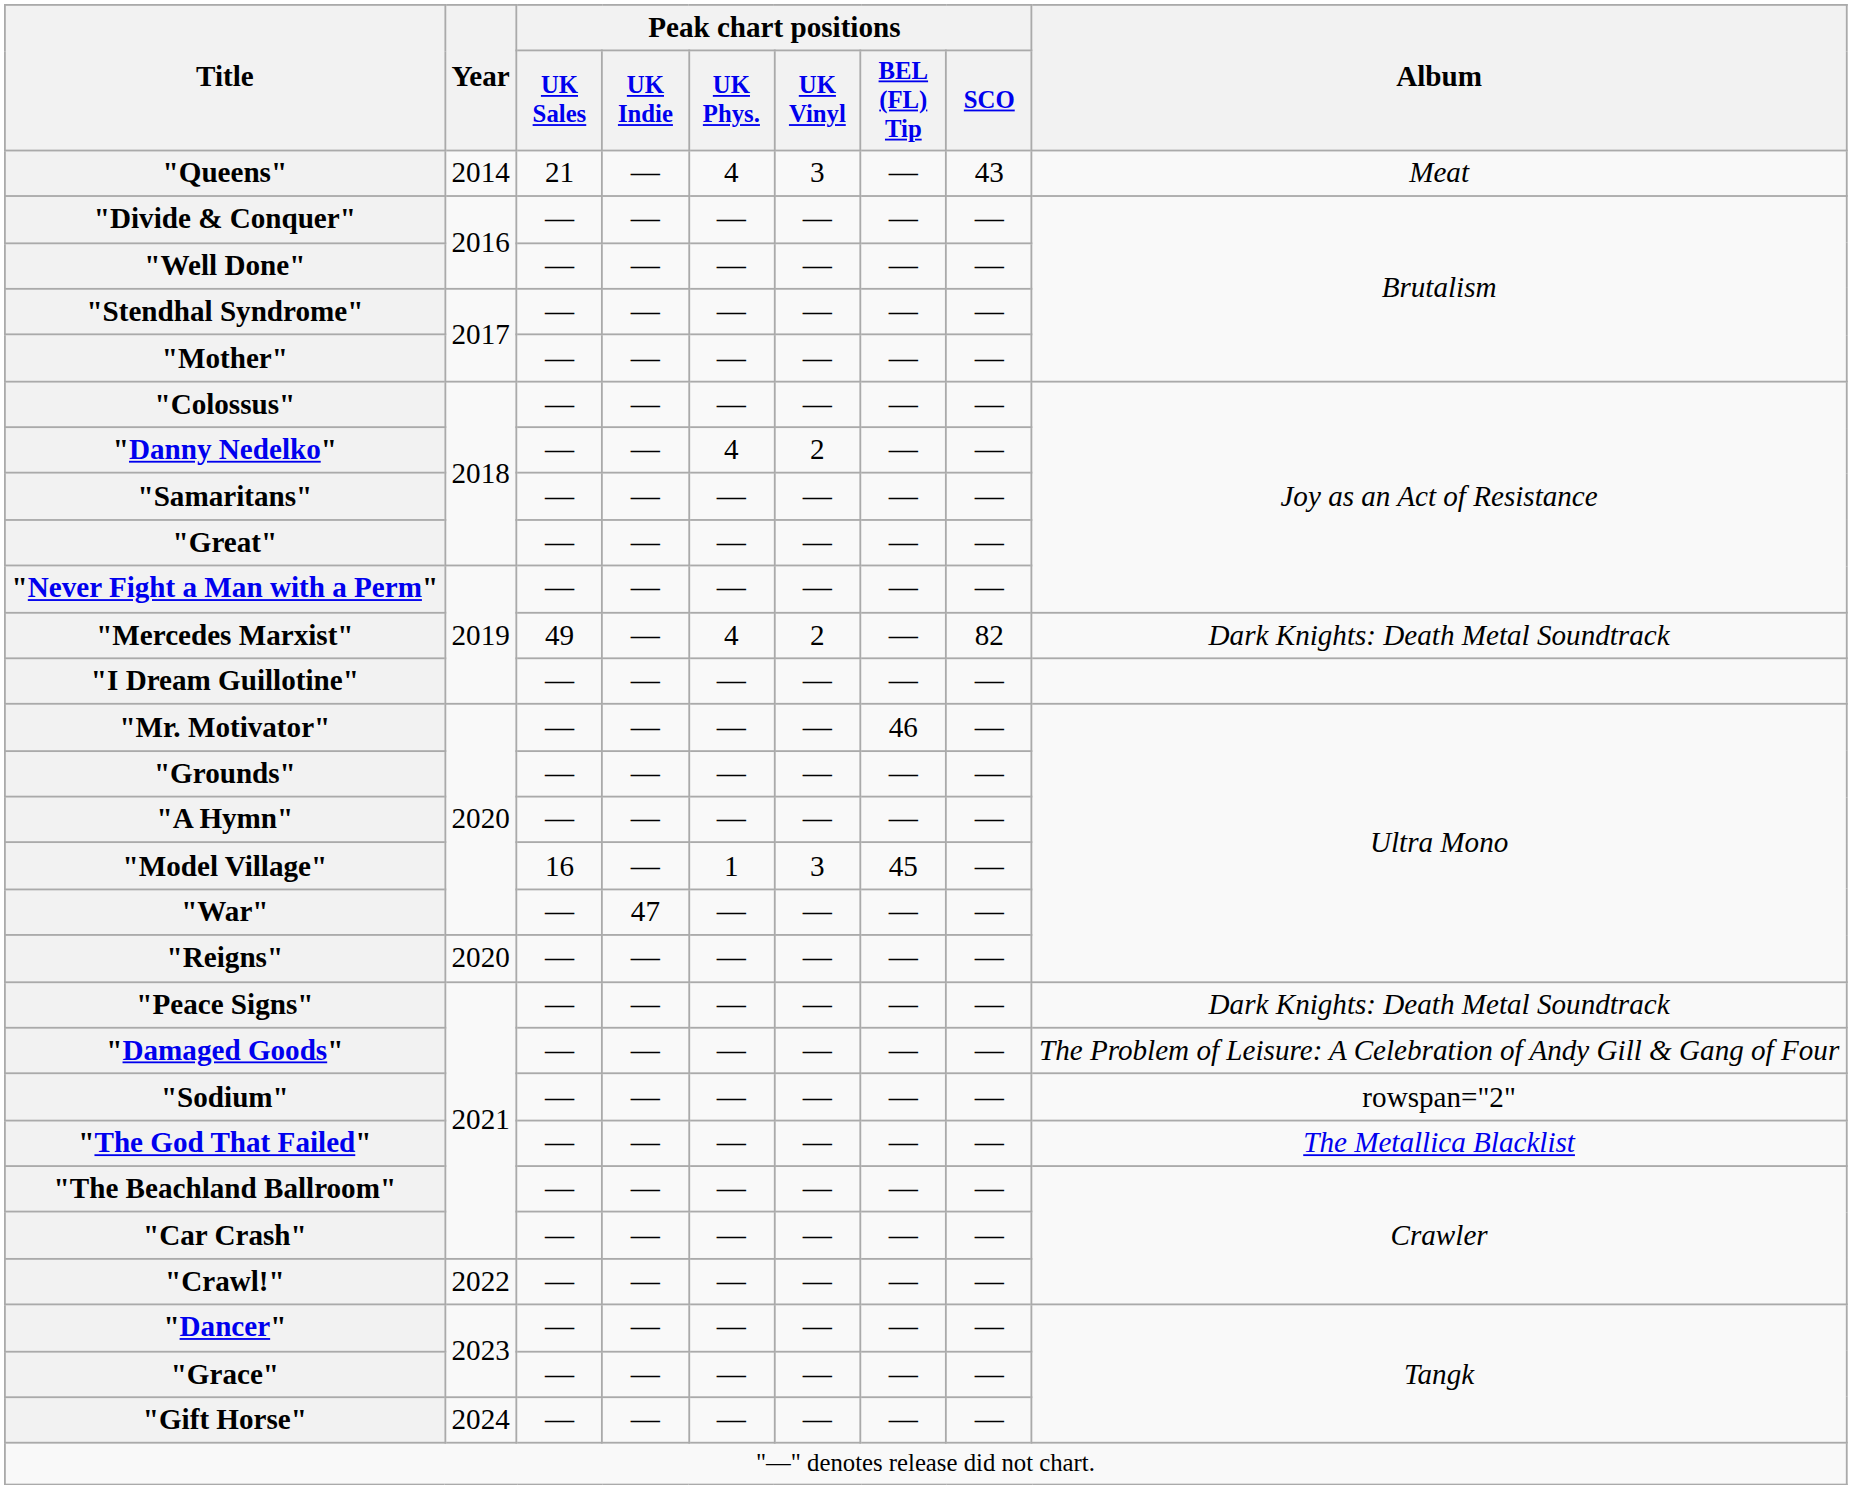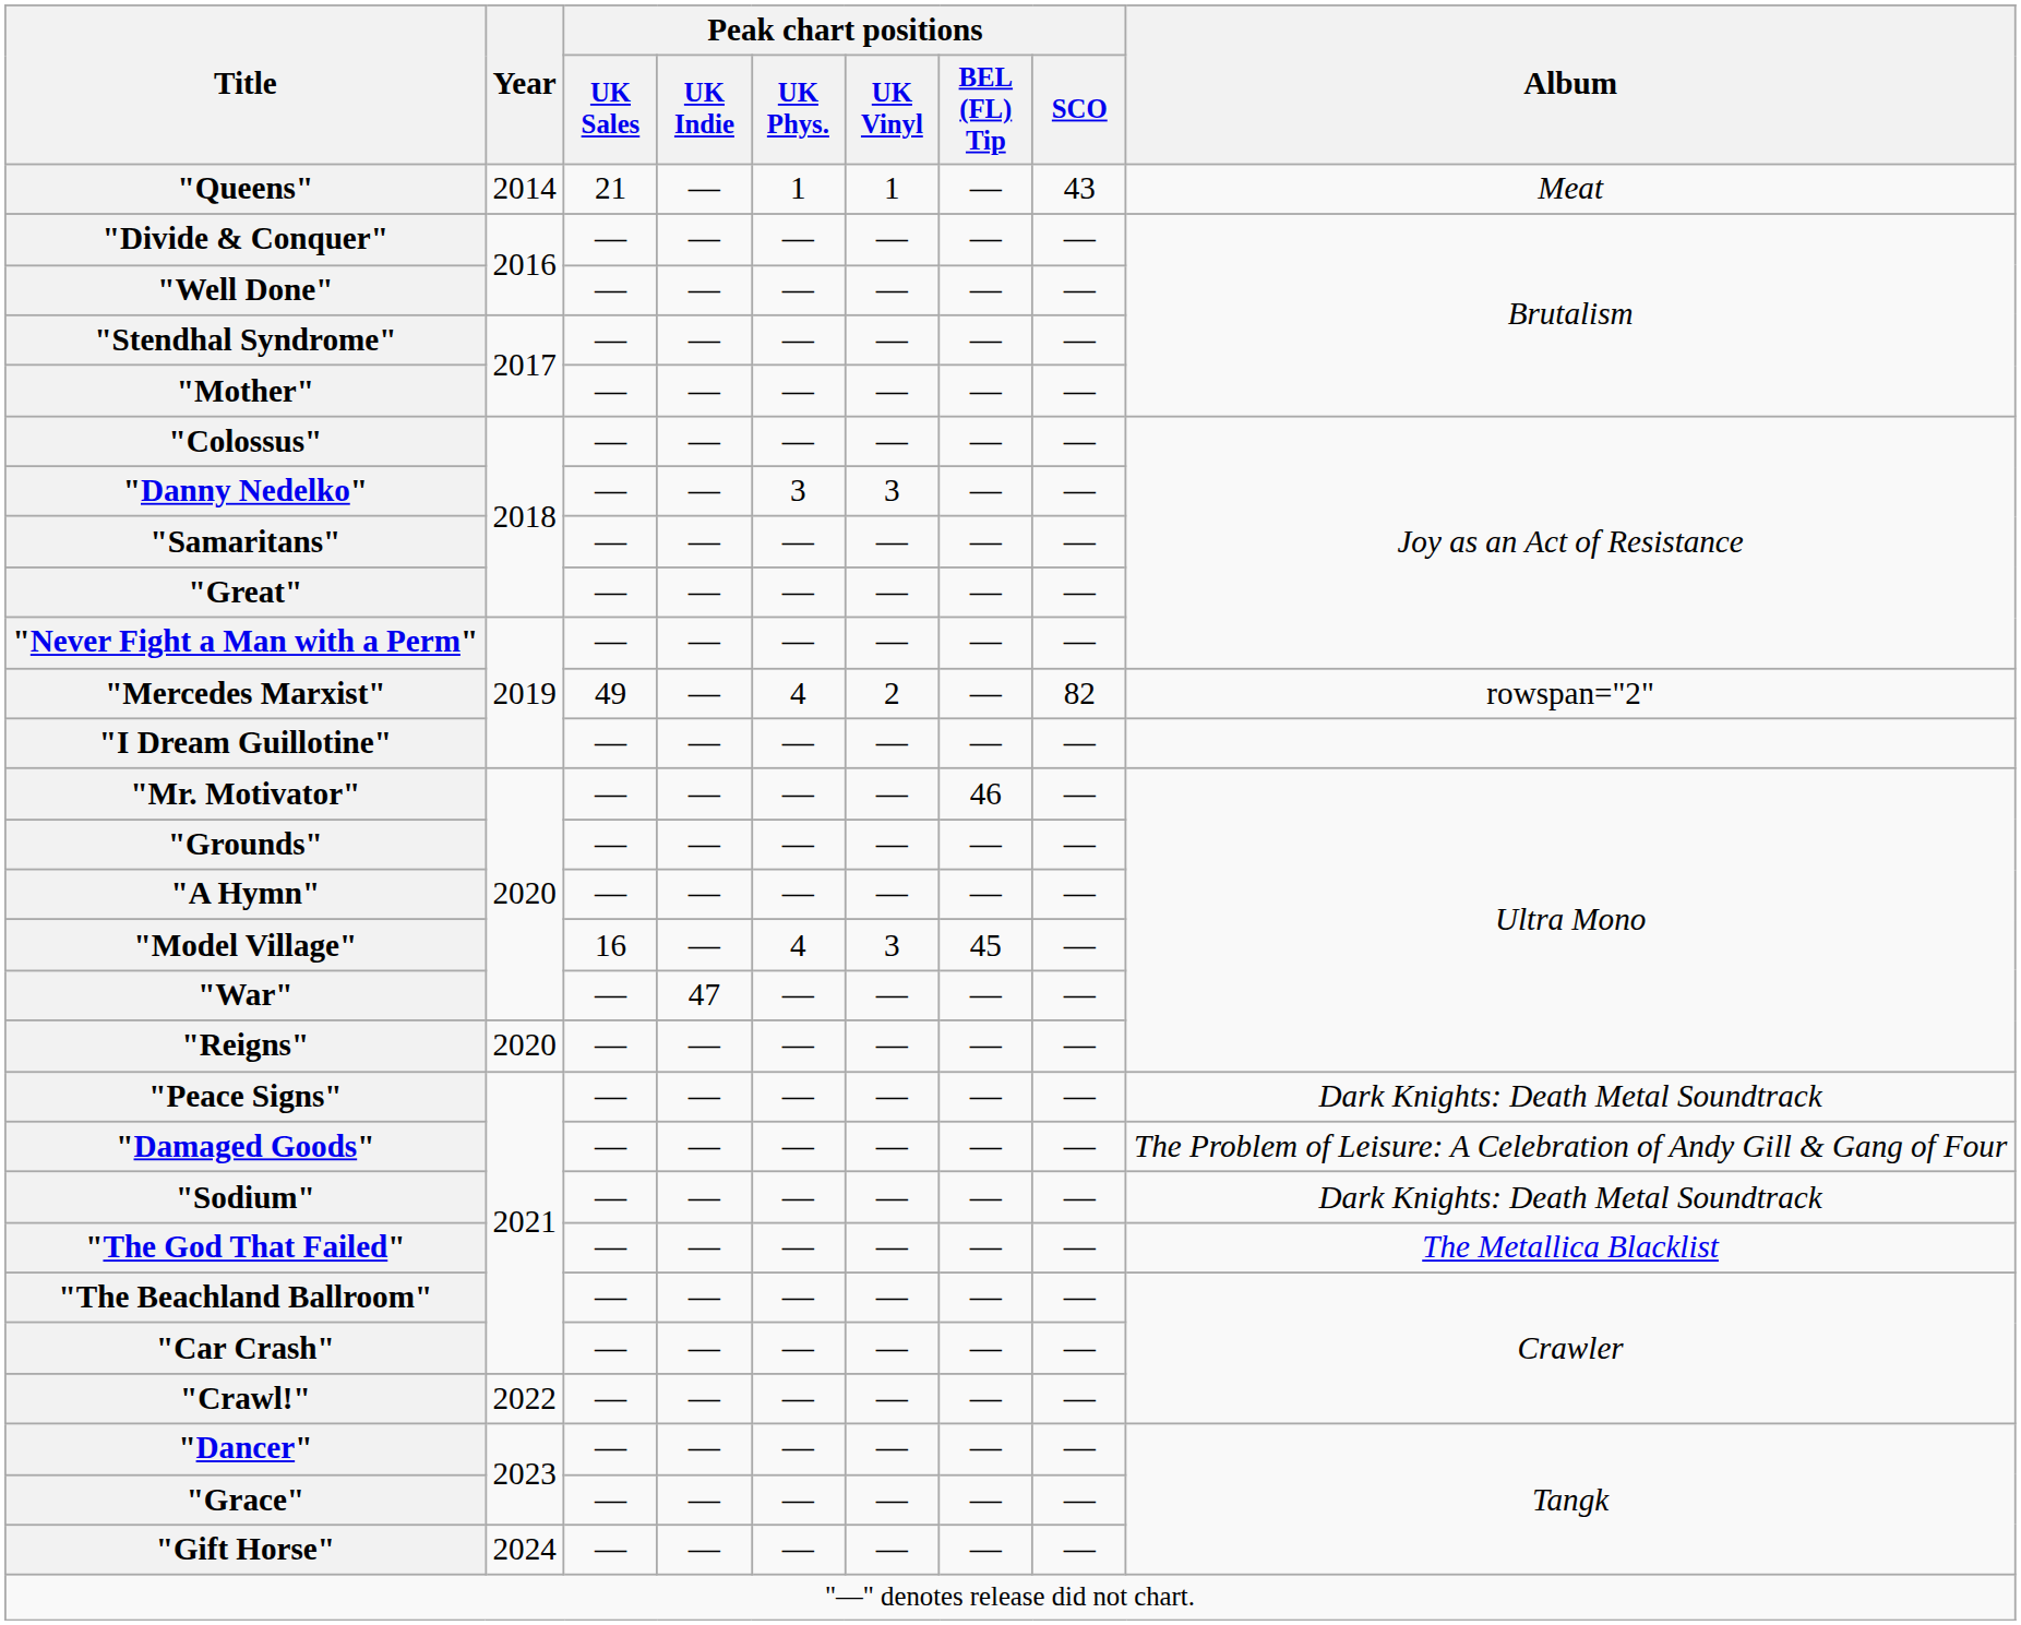 <table class="wikitable plainrowheaders" style="text-align:center;">
 <tr>
 <th scope="col" rowspan="2">Title</th>
 <th scope="col" rowspan="2">Year</th>
 <th scope="col" colspan="6">Peak chart positions</th>
 <th scope="col" rowspan="2">Album</th>
 </tr>
 <tr>
 <th scope="col" style="width:3em;font-size:85%;"><a href='#'>UK<br>Sales</a><br></th>
 <th scope="col" style="width:3em;font-size:85%;"><a href='#'>UK<br>Indie</a><br></th>
 <th scope="col" style="width:3em;font-size:85%;"><a href='#'>UK<br>Phys.</a><br></th>
 <th scope="col" style="width:3em;font-size:85%;"><a href='#'>UK<br>Vinyl</a><br></th>
 <th scope="col" style="width:3em;font-size:85%;"><a href='#'>BEL<br>(FL)<br>Tip</a><br></th>
 <th scope="col" style="width:3em;font-size:85%;"><a href='#'>SCO</a><br></th>
 </tr>
 <tr>
 <th scope="row">"Queens"</th>
 <td>2014</td>
 <td>21</td>
 <td>—</td>
-<td>4</td>
-<td>3</td>
+<td>1</td>
+<td>1</td>
 <td>—</td>
 <td>43</td>
 <td><em>Meat</em></td>
 </tr>
 <tr>
 <th scope="row">"Divide & Conquer"</th>
 <td rowspan="2">2016</td>
 <td>—</td>
 <td>—</td>
 <td>—</td>
 <td>—</td>
 <td>—</td>
 <td>—</td>
 <td rowspan="4"><em>Brutalism</em></td>
 </tr>
 <tr>
 <th scope="row">"Well Done"</th>
 <td>—</td>
 <td>—</td>
 <td>—</td>
 <td>—</td>
 <td>—</td>
 <td>—</td>
 </tr>
 <tr>
 <th scope="row">"Stendhal Syndrome"</th>
 <td rowspan="2">2017</td>
 <td>—</td>
 <td>—</td>
 <td>—</td>
 <td>—</td>
 <td>—</td>
 <td>—</td>
 </tr>
 <tr>
 <th scope="row">"Mother"</th>
 <td>—</td>
 <td>—</td>
 <td>—</td>
 <td>—</td>
 <td>—</td>
 <td>—</td>
 </tr>
 <tr>
 <th scope="row">"Colossus"</th>
 <td rowspan="4">2018</td>
 <td>—</td>
 <td>—</td>
 <td>—</td>
 <td>—</td>
 <td>—</td>
 <td>—</td>
 <td rowspan="5"><em>Joy as an Act of Resistance</em></td>
 </tr>
 <tr>
 <th scope="row">"<a href='#'>Danny Nedelko</a>"</th>
 <td>—</td>
 <td>—</td>
-<td>4</td>
-<td>2</td>
+<td>3</td>
+<td>3</td>
 <td>—</td>
 <td>—</td>
 </tr>
 <tr>
 <th scope="row">"Samaritans"</th>
 <td>—</td>
 <td>—</td>
 <td>—</td>
 <td>—</td>
 <td>—</td>
 <td>—</td>
 </tr>
 <tr>
 <th scope="row">"Great"</th>
 <td>—</td>
 <td>—</td>
 <td>—</td>
 <td>—</td>
 <td>—</td>
 <td>—</td>
 </tr>
 <tr>
 <th scope="row">"<a href='#'>Never Fight a Man with a Perm</a>"</th>
 <td rowspan="3">2019</td>
 <td>—</td>
 <td>—</td>
 <td>—</td>
 <td>—</td>
 <td>—</td>
 <td>—</td>
 </tr>
 <tr>
 <th scope="row">"Mercedes Marxist"</th>
 <td>49</td>
 <td>—</td>
 <td>4</td>
 <td>2</td>
 <td>—</td>
 <td>82</td>
-<td rowspan="1"><em>Dark Knights: Death Metal Soundtrack</em></td>
+<td>rowspan="2" </td>
 </tr>
 <tr>
 <th scope="row">"I Dream Guillotine"</th>
 <td>—</td>
 <td>—</td>
 <td>—</td>
 <td>—</td>
 <td>—</td>
 <td>—</td>
 </tr>
 <tr>
 <th scope="row">"Mr. Motivator"</th>
 <td rowspan="5">2020</td>
 <td>—</td>
 <td>—</td>
 <td>—</td>
 <td>—</td>
 <td>46</td>
 <td>—</td>
 <td rowspan="6"><em>Ultra Mono</em></td>
 </tr>
 <tr>
 <th scope="row">"Grounds"</th>
 <td>—</td>
 <td>—</td>
 <td>—</td>
 <td>—</td>
 <td>—</td>
 <td>—</td>
 </tr>
 <tr>
 <th scope="row">"A Hymn"</th>
 <td>—</td>
 <td>—</td>
 <td>—</td>
 <td>—</td>
 <td>—</td>
 <td>—</td>
 </tr>
 <tr>
 <th scope="row">"Model Village"<br></th>
 <td>16</td>
 <td>—</td>
-<td>1</td>
+<td>4</td>
 <td>3</td>
 <td>45</td>
 <td>—</td>
 </tr>
 <tr>
 <th scope="row">"War"</th>
 <td>—</td>
 <td>47</td>
 <td>—</td>
 <td>—</td>
 <td>—</td>
 <td>—</td>
 </tr>
 <tr>
 <th scope="row">"Reigns"</th>
 <td>2020</td>
 <td>—</td>
 <td>—</td>
 <td>—</td>
 <td>—</td>
 <td>—</td>
 <td>—</td>
 </tr>
 <tr>
 <th scope="row">"Peace Signs"</th>
 <td rowspan="6">2021</td>
 <td>—</td>
 <td>—</td>
 <td>—</td>
 <td>—</td>
 <td>—</td>
 <td>—</td>
 <td rowspan="1"><em>Dark Knights: Death Metal Soundtrack</em></td>
 </tr>
 <tr>
 <th scope="row">"<a href='#'>Damaged Goods</a>"<br></th>
 <td>—</td>
 <td>—</td>
 <td>—</td>
 <td>—</td>
 <td>—</td>
 <td>—</td>
 <td rowspan="1"><em>The Problem of Leisure: A Celebration of Andy Gill & Gang of Four</em></td>
 </tr>
 <tr>
 <th scope="row">"Sodium"</th>
 <td>—</td>
 <td>—</td>
 <td>—</td>
 <td>—</td>
 <td>—</td>
 <td>—</td>
-<td>rowspan="2" </td>
+<td rowspan="1"><em>Dark Knights: Death Metal Soundtrack</em></td>
 </tr>
 <tr>
 <th scope="row">"<a href='#'>The God That Failed</a>"</th>
 <td>—</td>
 <td>—</td>
 <td>—</td>
 <td>—</td>
 <td>—</td>
 <td>—</td>
 <td rowspan="1"><em><a href='#'>The Metallica Blacklist</a></em></td>
 </tr>
 <tr>
 <th scope="row">"The Beachland Ballroom"</th>
 <td>—</td>
 <td>—</td>
 <td>—</td>
 <td>—</td>
 <td>—</td>
 <td>—</td>
 <td rowspan="3"><em>Crawler</em></td>
 </tr>
 <tr>
 <th scope="row">"Car Crash"</th>
 <td>—</td>
 <td>—</td>
 <td>—</td>
 <td>—</td>
 <td>—</td>
 <td>—</td>
 </tr>
 <tr>
 <th scope="row">"Crawl!"</th>
 <td>2022</td>
 <td>—</td>
 <td>—</td>
 <td>—</td>
 <td>—</td>
 <td>—</td>
 <td>—</td>
 </tr>
 <tr>
 <th scope="row">"<a href='#'>Dancer</a>"<br></th>
 <td rowspan="2">2023</td>
 <td>—</td>
 <td>—</td>
 <td>—</td>
 <td>—</td>
 <td>—</td>
 <td>—</td>
 <td rowspan="3"><em>Tangk</em></td>
 </tr>
 <tr>
 <th scope="row">"Grace"</th>
 <td>—</td>
 <td>—</td>
 <td>—</td>
 <td>—</td>
 <td>—</td>
 <td>—</td>
 </tr>
 <tr>
 <th scope="row">"Gift Horse"</th>
 <td rowspan="1">2024</td>
 <td>—</td>
 <td>—</td>
 <td>—</td>
 <td>—</td>
 <td>—</td>
 <td>—</td>
 </tr>
 <tr>
 <td colspan="9" style="font-size:85%">"—" denotes release did not chart.</td>
 </tr>
 </table>
